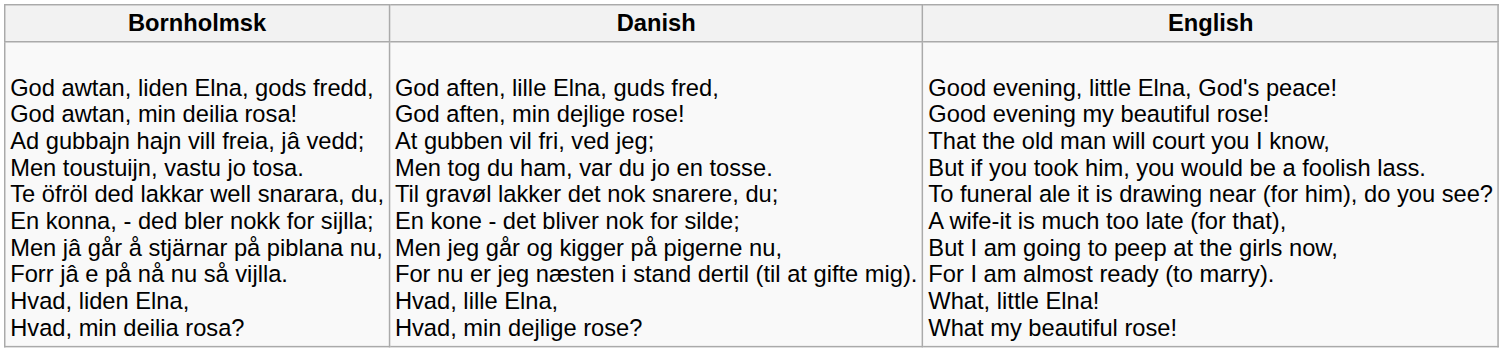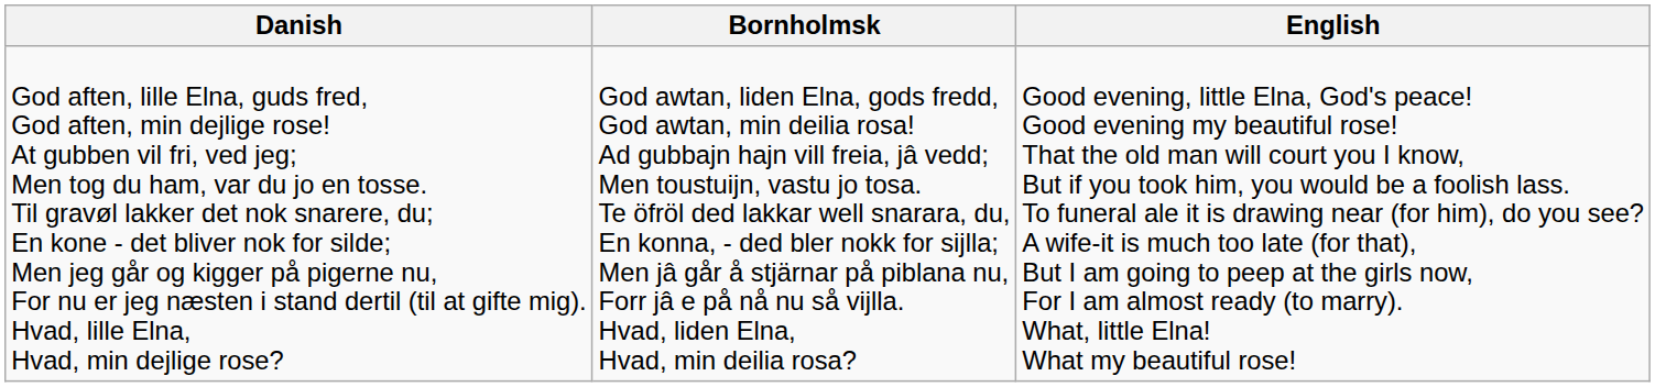 <table class=wikitable>
 <tr>
+<th>Danish</th>
 <th>Bornholmsk</th>
-<th>Danish</th>
 <th>English</th>
 </tr>
 <tr>
+<td><br>God aften, lille Elna, guds fred,<br> God aften, min dejlige rose!<br> At gubben vil fri, ved jeg;<br> Men tog du ham, var du jo en tosse.<br> Til gravøl lakker det nok snarere, du;<br> En kone - det bliver nok for silde;<br> Men jeg går og kigger på pigerne nu,<br> For nu er jeg næsten i stand dertil (til at gifte mig).<br> Hvad, lille Elna,<br> Hvad, min dejlige rose?</td>
 <td><br>God awtan, liden Elna, gods fredd,<br> God awtan, min deilia rosa!<br> Ad gubbajn hajn vill freia, jâ vedd;<br> Men toustuijn, vastu jo tosa.<br> Te öfröl ded lakkar well snarara, du,<br> En konna, - ded bler nokk for sijlla;<br> Men jâ går å stjärnar på piblana nu,<br> Forr jâ e på nå nu så vijlla.<br> Hvad, liden Elna,<br> Hvad, min deilia rosa?</td>
-<td><br>God aften, lille Elna, guds fred,<br> God aften, min dejlige rose!<br> At gubben vil fri, ved jeg;<br> Men tog du ham, var du jo en tosse.<br> Til gravøl lakker det nok snarere, du;<br> En kone - det bliver nok for silde;<br> Men jeg går og kigger på pigerne nu,<br> For nu er jeg næsten i stand dertil (til at gifte mig).<br> Hvad, lille Elna,<br> Hvad, min dejlige rose?</td>
 <td><br>Good evening, little Elna, God's peace! <br> Good evening my beautiful rose! <br> That the old man will court you I know, <br> But if you took him, you would be a foolish lass. <br> To funeral ale it is drawing near (for him), do you see? <br> A wife-it is much too late (for that), <br> But I am going to peep at the girls now, <br> For I am almost ready (to marry). <br> What, little Elna! <br> What my beautiful rose!</td>
 </tr>
 </table>
